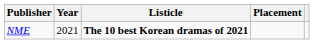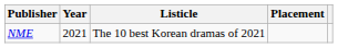 <table class="wikitable plainrowheaders">
 <tr>
 <th scope="col">Publisher</th>
 <th scope="col">Year</th>
 <th scope="col">Listicle</th>
 <th scope="col">Placement</th>
 <th scope="col"></th>
 </tr>
 <tr>
 <td><em><a href='#'>NME</a></em></td>
 <td rowspan="2">2021</td>
-<td><strong>The 10 best Korean dramas of 2021</strong></td>
+<td>The 10 best Korean dramas of 2021</td>
 <td></td>
 <td style="text-align:center;"></td>
 </tr>
 </table>
